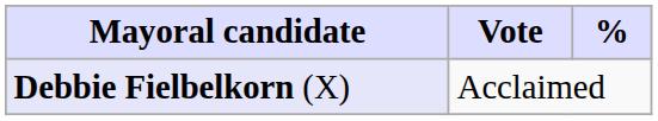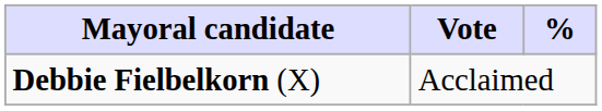 <table class="wikitable">
 <tr>
 <th style="background:#ddf;" width="200px">Mayoral candidate</th>
 <th style="background:#ddf;" width="50px">Vote</th>
 <th style="background:#ddf;" width="30px">%</th>
 </tr>
 <tr>
-<td style="background: lavender;"><strong>Debbie Fielbelkorn</strong> (X)</td>
+<td><strong>Debbie Fielbelkorn</strong> (X)</td>
 <td colspan="2">Acclaimed</td>
 </tr>
 </table>
